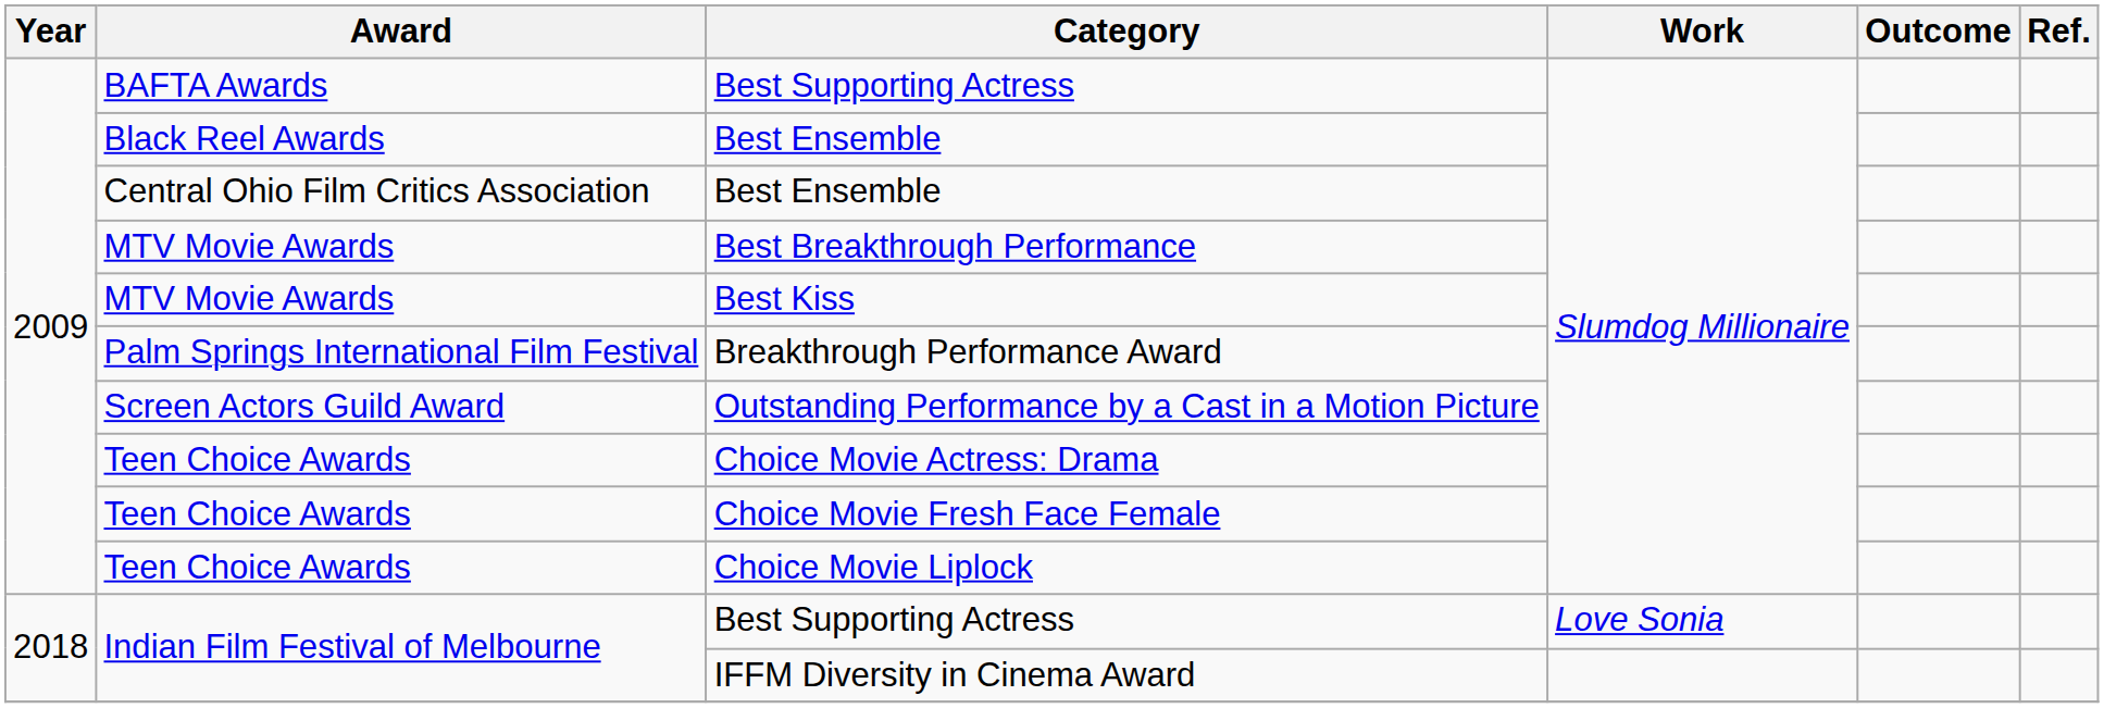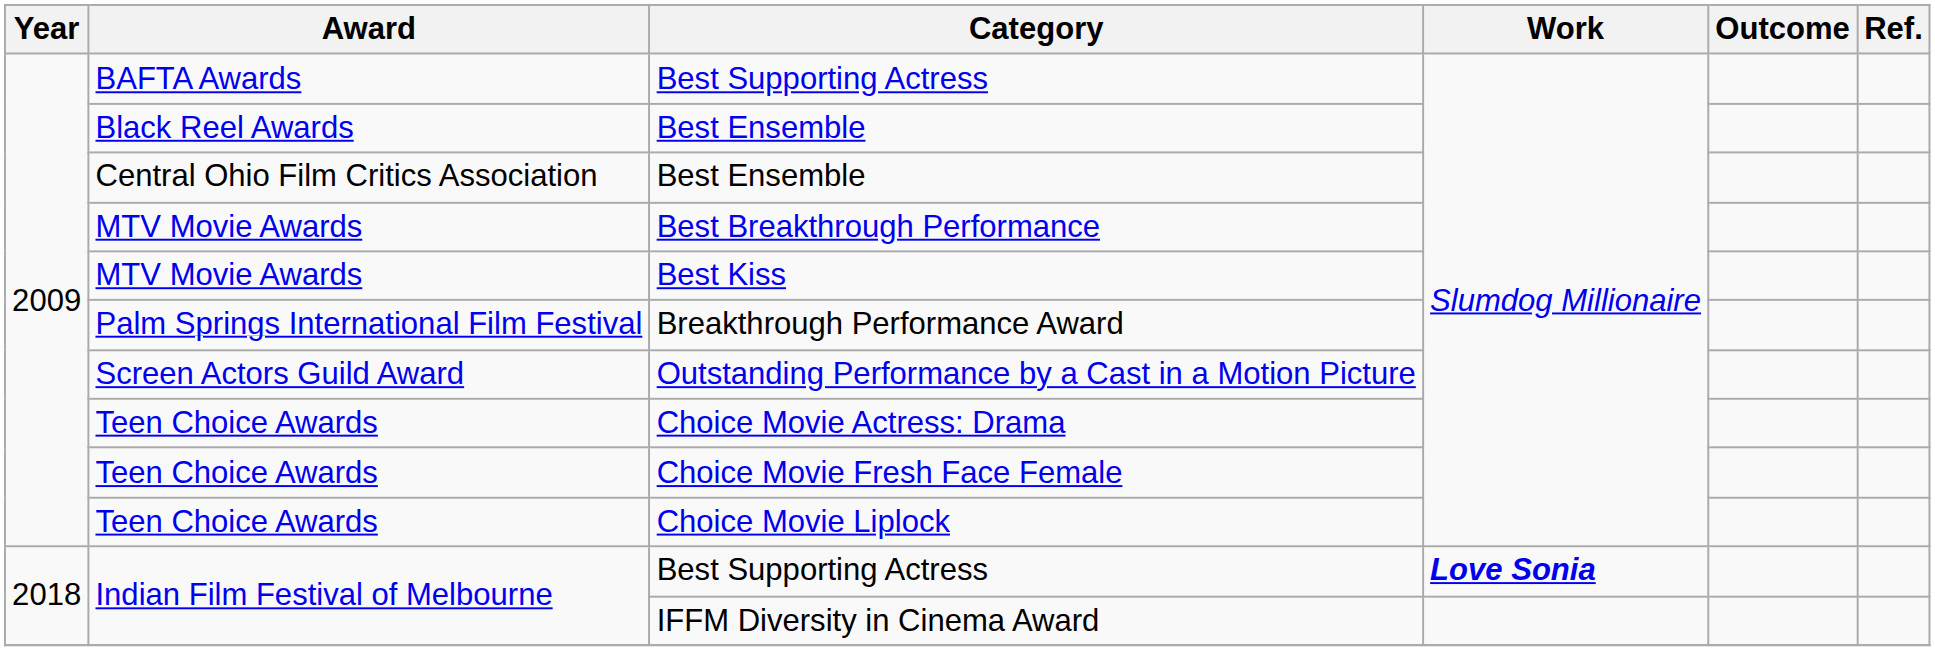 <table class="wikitable sortable">
 <tr>
 <th>Year</th>
 <th>Award</th>
 <th>Category</th>
 <th>Work</th>
 <th>Outcome</th>
 <th>Ref.</th>
 </tr>
 <tr>
 <td rowspan="10">2009</td>
 <td><a href='#'>BAFTA Awards</a></td>
 <td><a href='#'>Best Supporting Actress</a></td>
 <td rowspan="10"><em><a href='#'>Slumdog Millionaire</a></em></td>
 <td></td>
 <td></td>
 </tr>
 <tr>
 <td><a href='#'>Black Reel Awards</a></td>
 <td><a href='#'>Best Ensemble</a></td>
 <td></td>
 <td></td>
 </tr>
 <tr>
 <td>Central Ohio Film Critics Association</td>
 <td>Best Ensemble</td>
 <td></td>
 <td></td>
 </tr>
 <tr>
 <td><a href='#'>MTV Movie Awards</a></td>
 <td><a href='#'>Best Breakthrough Performance</a></td>
 <td></td>
 <td></td>
 </tr>
 <tr>
 <td><a href='#'>MTV Movie Awards</a></td>
 <td><a href='#'>Best Kiss</a> </td>
 <td></td>
 <td></td>
 </tr>
 <tr>
 <td><a href='#'>Palm Springs International Film Festival</a></td>
 <td>Breakthrough Performance Award</td>
 <td></td>
 <td></td>
 </tr>
 <tr>
 <td><a href='#'>Screen Actors Guild Award</a></td>
 <td><a href='#'>Outstanding Performance by a Cast in a Motion Picture</a></td>
 <td></td>
 <td></td>
 </tr>
 <tr>
 <td><a href='#'>Teen Choice Awards</a></td>
 <td><a href='#'>Choice Movie Actress: Drama</a></td>
 <td></td>
 <td></td>
 </tr>
 <tr>
 <td><a href='#'>Teen Choice Awards</a></td>
 <td><a href='#'>Choice Movie Fresh Face Female</a></td>
 <td></td>
 <td></td>
 </tr>
 <tr>
 <td><a href='#'>Teen Choice Awards</a></td>
 <td><a href='#'>Choice Movie Liplock</a> </td>
 <td></td>
 <td></td>
 </tr>
 <tr>
 <td rowspan="2">2018</td>
 <td rowspan="2"><a href='#'>Indian Film Festival of Melbourne</a></td>
 <td>Best Supporting Actress</td>
-<td><em><a href='#'>Love Sonia</a></em></td>
+<td><strong><em><a href='#'>Love Sonia</a></em></strong></td>
 <td></td>
 <td></td>
 </tr>
 <tr>
 <td>IFFM Diversity in Cinema Award</td>
 <td></td>
 <td></td>
 <td></td>
 </tr>
 <tr>
 </tr>
 </table>
